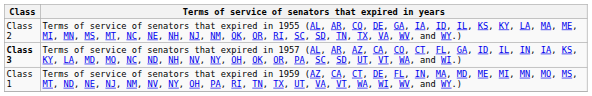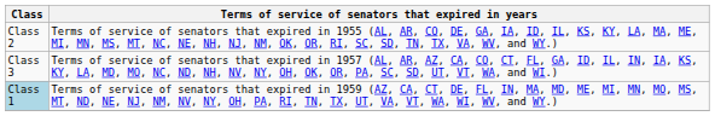 <table class="wikitable sortable">
 <tr valign=bottom>
 <th>Class</th>
 <th>Terms of service of senators that expired in years</th>
 </tr>
 <tr>
 <td>Class 2</td>
 <td>Terms of service of senators that expired in 1955 (<a href='#'>AL</a>, <a href='#'>AR</a>, <a href='#'>CO</a>, <a href='#'>DE</a>, <a href='#'>GA</a>, <a href='#'>IA</a>, <a href='#'>ID</a>, <a href='#'>IL</a>, <a href='#'>KS</a>, <a href='#'>KY</a>, <a href='#'>LA</a>, <a href='#'>MA</a>, <a href='#'>ME</a>, <a href='#'>MI</a>, <a href='#'>MN</a>, <a href='#'>MS</a>, <a href='#'>MT</a>, <a href='#'>NC</a>, <a href='#'>NE</a>, <a href='#'>NH</a>, <a href='#'>NJ</a>, <a href='#'>NM</a>, <a href='#'>OK</a>, <a href='#'>OR</a>, <a href='#'>RI</a>, <a href='#'>SC</a>, <a href='#'>SD</a>, <a href='#'>TN</a>, <a href='#'>TX</a>, <a href='#'>VA</a>, <a href='#'>WV</a>, and <a href='#'>WY</a>.)</td>
 </tr>
 <tr>
-<td><strong>Class 3</strong></td>
+<td>Class 3</td>
 <td>Terms of service of senators that expired in 1957 (<a href='#'>AL</a>, <a href='#'>AR</a>, <a href='#'>AZ</a>, <a href='#'>CA</a>, <a href='#'>CO</a>, <a href='#'>CT</a>, <a href='#'>FL</a>, <a href='#'>GA</a>, <a href='#'>ID</a>, <a href='#'>IL</a>, <a href='#'>IN</a>, <a href='#'>IA</a>, <a href='#'>KS</a>, <a href='#'>KY</a>, <a href='#'>LA</a>, <a href='#'>MD</a>, <a href='#'>MO</a>, <a href='#'>NC</a>, <a href='#'>ND</a>, <a href='#'>NH</a>, <a href='#'>NV</a>, <a href='#'>NY</a>, <a href='#'>OH</a>, <a href='#'>OK</a>, <a href='#'>OR</a>, <a href='#'>PA</a>, <a href='#'>SC</a>, <a href='#'>SD</a>, <a href='#'>UT</a>, <a href='#'>VT</a>, <a href='#'>WA</a>, and <a href='#'>WI</a>.)</td>
 </tr>
 <tr>
-<td>Class 1</td>
+<td style="background: lightblue;">Class 1</td>
 <td>Terms of service of senators that expired in 1959 (<a href='#'>AZ</a>, <a href='#'>CA</a>, <a href='#'>CT</a>, <a href='#'>DE</a>, <a href='#'>FL</a>, <a href='#'>IN</a>, <a href='#'>MA</a>, <a href='#'>MD</a>, <a href='#'>ME</a>,  <a href='#'>MI</a>, <a href='#'>MN</a>, <a href='#'>MO</a>, <a href='#'>MS</a>, <a href='#'>MT</a>, <a href='#'>ND</a>, <a href='#'>NE</a>, <a href='#'>NJ</a>, <a href='#'>NM</a>, <a href='#'>NV</a>, <a href='#'>NY</a>, <a href='#'>OH</a>, <a href='#'>PA</a>, <a href='#'>RI</a>, <a href='#'>TN</a>, <a href='#'>TX</a>, <a href='#'>UT</a>, <a href='#'>VA</a>, <a href='#'>VT</a>, <a href='#'>WA</a>, <a href='#'>WI</a>, <a href='#'>WV</a>, and <a href='#'>WY</a>.)</td>
 </tr>
 <tr>
 </tr>
 </table>
